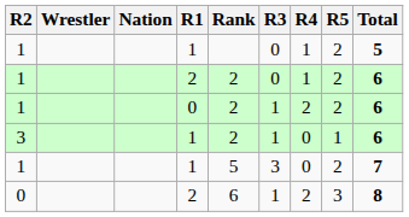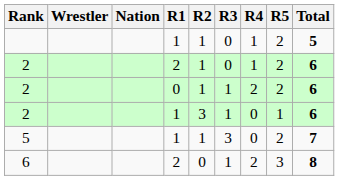 <table class="wikitable sortable" style="text-align:center;">
 <tr>
-<th>R2</th>
+<th>Rank</th>
 <th>Wrestler</th>
 <th>Nation</th>
 <th>R1</th>
-<th>Rank</th>
+<th>R2</th>
 <th>R3</th>
 <th>R4</th>
 <th>R5</th>
 <th>Total</th>
 </tr>
 <tr>
-<td>1</td>
+<td></td>
 <td align=left></td>
 <td align=left></td>
 <td>1</td>
-<td></td>
+<td>1</td>
 <td>0</td>
 <td>1</td>
 <td>2</td>
 <td><strong>5</strong></td>
 </tr>
 <tr style="background:#cfc;">
-<td>1</td>
+<td>2</td>
 <td align=left></td>
 <td align=left></td>
 <td>2</td>
-<td>2</td>
+<td>1</td>
 <td>0</td>
 <td>1</td>
 <td>2</td>
 <td><strong>6</strong></td>
 </tr>
 <tr style="background:#cfc;">
-<td>1</td>
+<td>2</td>
 <td align=left></td>
 <td align=left></td>
 <td>0</td>
-<td>2</td>
+<td>1</td>
 <td>1</td>
 <td>2</td>
 <td>2</td>
 <td><strong>6</strong></td>
 </tr>
 <tr style="background:#cfc;">
-<td>3</td>
+<td>2</td>
 <td align=left></td>
 <td align=left></td>
 <td>1</td>
-<td>2</td>
+<td>3</td>
 <td>1</td>
 <td>0</td>
 <td>1</td>
 <td><strong>6</strong></td>
 </tr>
 <tr>
-<td>1</td>
+<td>5</td>
 <td align=left></td>
 <td align=left></td>
 <td>1</td>
-<td>5</td>
+<td>1</td>
 <td>3</td>
 <td>0</td>
 <td>2</td>
 <td><strong>7</strong></td>
 </tr>
 <tr>
-<td>0</td>
+<td>6</td>
 <td align=left></td>
 <td align=left></td>
 <td>2</td>
-<td>6</td>
+<td>0</td>
 <td>1</td>
 <td>2</td>
 <td>3</td>
 <td><strong>8</strong></td>
 </tr>
 </table>
